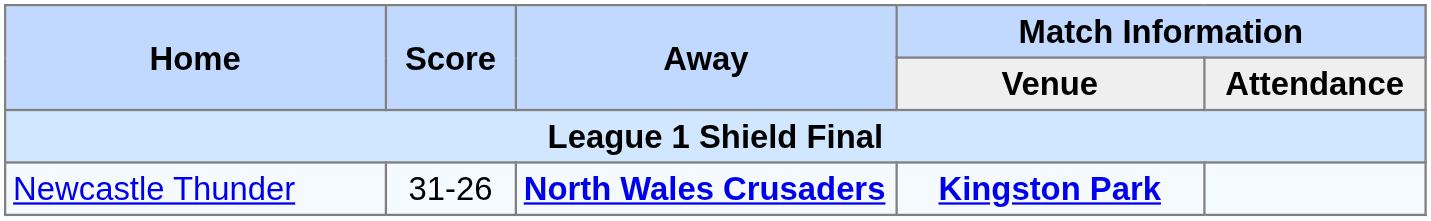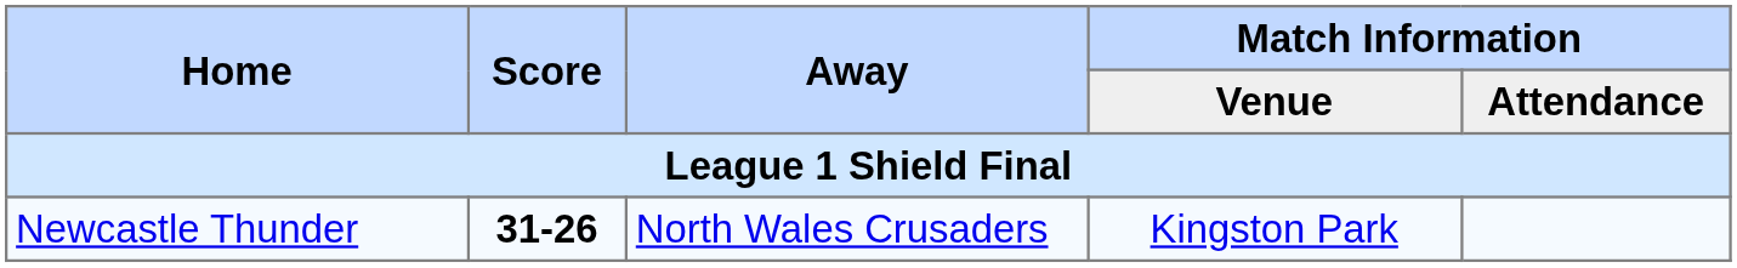 <table border="1" cellpadding="3" cellspacing="0" style="border-collapse:collapse; font-size:90%; text-align:center; width:100%;">
 <tr style="background:#c1d8ff;">
 <th rowspan="2" style="width:21%;">Home</th>
 <th rowspan="2" style="width:6%;">Score</th>
 <th rowspan="2" style="width:21%;">Away</th>
 <th colspan=6>Match Information</th>
 </tr>
 <tr style="background:#efefef;">
 <th width=17%>Venue</th>
 <th width=7%>Attendance</th>
 </tr>
 <tr style="background:#d0e7ff;">
 <td colspan=8><strong>League 1 Shield Final</strong></td>
 </tr>
 <tr style="background:#f5faff;">
 <td align=left> <a href='#'>Newcastle Thunder</a></td>
-<td>31-26</td>
-<td align=left><strong> <a href='#'>North Wales Crusaders</a></strong></td>
-<td><strong><a href='#'>Kingston Park</a></strong></td>
+<td><strong>31-26</strong></td>
+<td align=left> <a href='#'>North Wales Crusaders</a></td>
+<td><a href='#'>Kingston Park</a></td>
 <td></td>
 </tr>
 </table>
